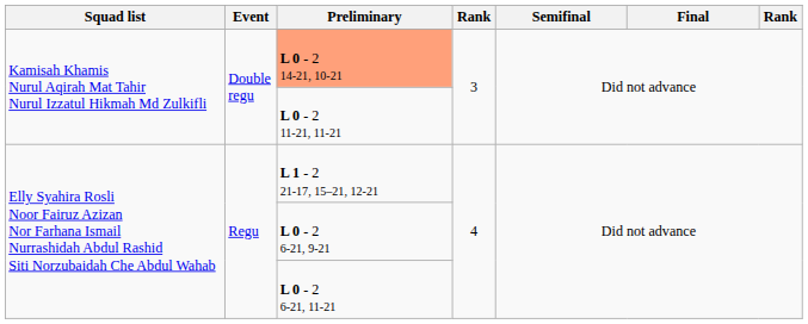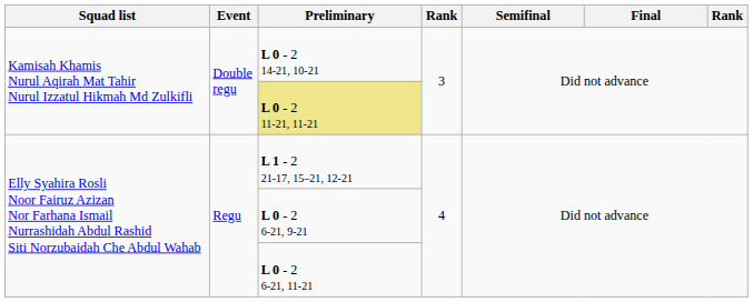 <table class="wikitable" width="90%" style="text-align:center; font-size:90%">
 <tr>
 <th width="25%">Squad list</th>
 <th width="3%">Event</th>
 <th width="20%">Preliminary</th>
 <th width="3%">Rank</th>
 <th width="15%">Semifinal</th>
 <th width="15%">Final</th>
 <th width="3%">Rank</th>
 </tr>
 <tr>
 <td rowspan=2 align=left><a href='#'>Kamisah Khamis</a><br><a href='#'>Nurul Aqirah Mat Tahir</a><br><a href='#'>Nurul Izzatul Hikmah Md Zulkifli</a></td>
 <td rowspan=2 align=left><a href='#'>Double regu</a></td>
-<td align="left" style="background: lightsalmon;"><br><strong>L 0</strong> - 2<br><small>14-21, 10-21</small></td>
+<td align="left"><br><strong>L 0</strong> - 2<br><small>14-21, 10-21</small></td>
 <td rowspan=2>3</td>
 <td rowspan=2 colspan=3>Did not advance</td>
 </tr>
 <tr>
-<td align=left><br><strong>L 0</strong> - 2<br><small>11-21, 11-21</small></td>
+<td align=left style="background: khaki;"><br><strong>L 0</strong> - 2<br><small>11-21, 11-21</small></td>
 </tr>
 <tr>
 <td rowspan=3 align=left><a href='#'>Elly Syahira Rosli</a><br><a href='#'>Noor Fairuz Azizan</a><br><a href='#'>Nor Farhana Ismail</a><br><a href='#'>Nurrashidah Abdul Rashid</a><br><a href='#'>Siti Norzubaidah Che Abdul Wahab</a></td>
 <td rowspan=3 align=left><a href='#'>Regu</a></td>
 <td align=left><br><strong>L 1</strong> - 2<br><small>21-17, 15–21, 12-21</small></td>
 <td rowspan=3>4</td>
 <td rowspan=3 colspan=3>Did not advance</td>
 </tr>
 <tr>
 <td align=left><br><strong>L 0</strong> - 2<br><small>6-21, 9-21</small></td>
 </tr>
 <tr>
 <td align=left><br><strong>L 0</strong> - 2<br><small>6-21, 11-21</small></td>
 </tr>
 </table>
